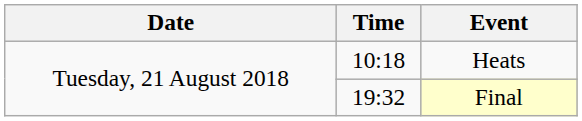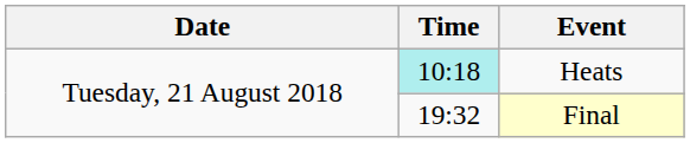 <table class = "wikitable" style="text-align:center;">
 <tr>
 <th width=220>Date</th>
 <th width=50>Time</th>
 <th width=100>Event</th>
 </tr>
 <tr>
 <td rowspan=2>Tuesday, 21 August 2018</td>
-<td>10:18</td>
+<td style="background: paleturquoise;">10:18</td>
 <td>Heats</td>
 </tr>
 <tr>
 <td>19:32</td>
 <td bgcolor=ffffcc>Final</td>
 </tr>
 </table>
